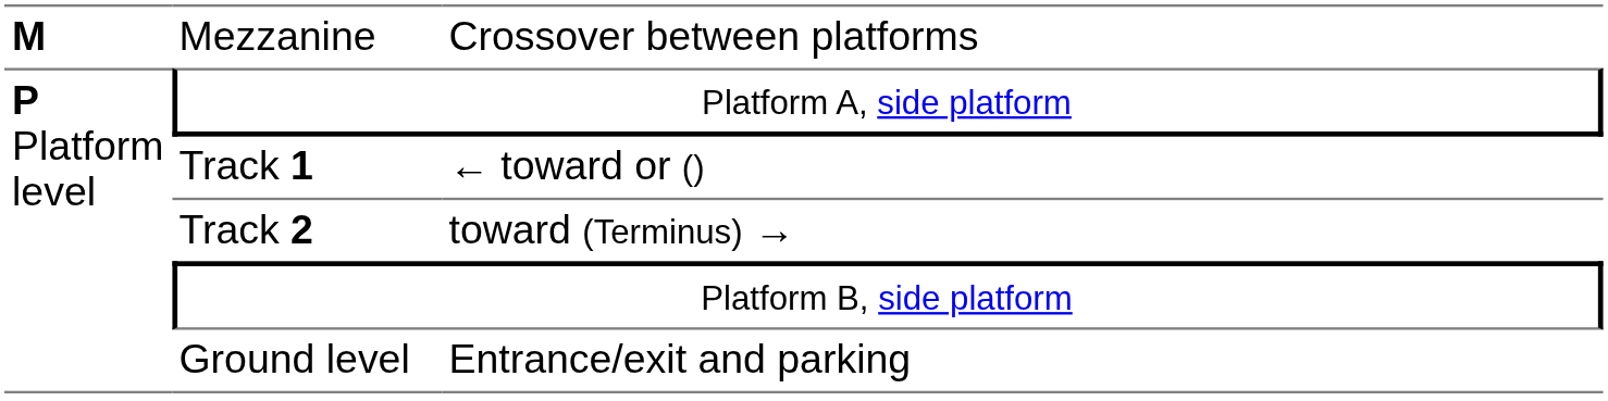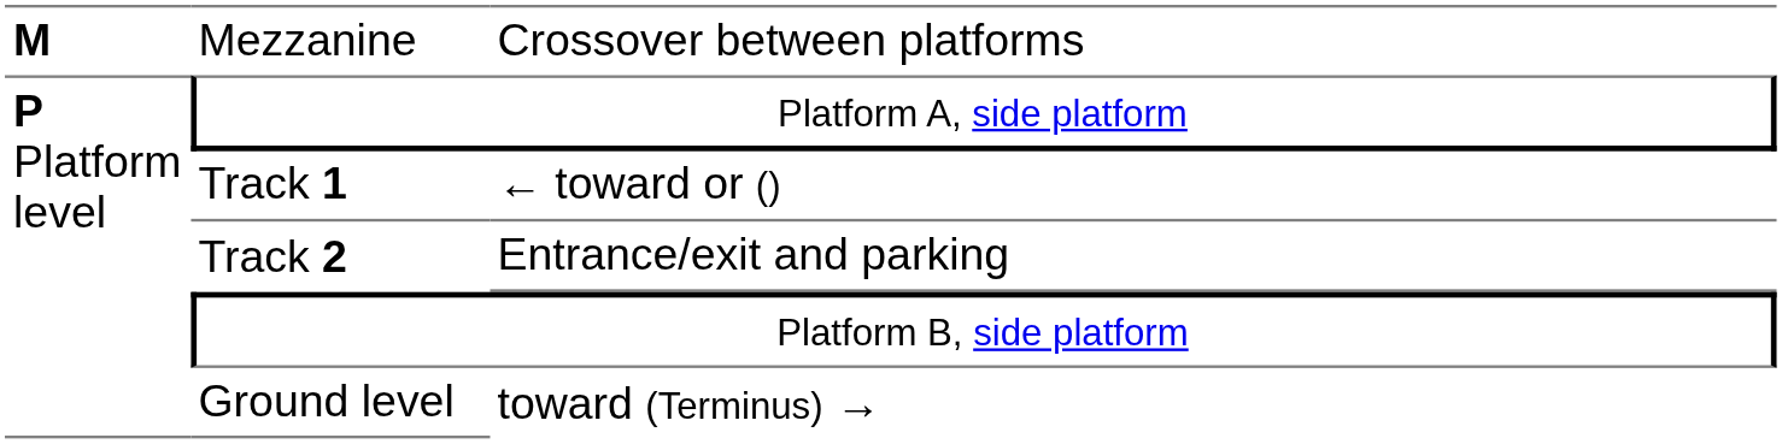 <table border=0 cellspacing=0 cellpadding=3>
 <tr>
 <td style="border-top:solid 1px gray;" width=50><strong>M</strong></td>
 <td style="border-top:solid 1px gray;" width=100>Mezzanine</td>
 <td style="border-top:solid 1px gray;" width=450>Crossover between platforms</td>
 </tr>
 <tr>
 <td style="border-top:solid 1px gray;border-bottom:solid 1px gray;" rowspan=5 valign=top><strong>P</strong><br>Platform level</td>
 <td style="border-top:solid 1px gray;border-right:solid 2px black;border-left:solid 2px black;border-bottom:solid 2px black;text-align:center;" colspan=2><small>Platform A, <a href='#'>side platform</a></small> </td>
 </tr>
 <tr>
 <td style="border-bottom:solid 1px gray;">Track <strong>1</strong></td>
 <td style="border-bottom:solid 1px gray;">←  toward  or  <small>()</small></td>
 </tr>
 <tr>
 <td>Track <strong>2</strong></td>
-<td>  toward  <small>(Terminus)</small> →</td>
+<td style="border-bottom:solid 1px gray;">Entrance/exit and parking</td>
 </tr>
 <tr>
 <td style="border-bottom:solid 1px gray;border-top:solid 2px black;border-right:solid 2px black;border-left:solid 2px black;text-align:center;" colspan=2><small>Platform B, <a href='#'>side platform</a></small> </td>
 </tr>
 <tr>
 <td style="border-bottom:solid 1px gray;">Ground level</td>
-<td style="border-bottom:solid 1px gray;">Entrance/exit and parking</td>
+<td>  toward  <small>(Terminus)</small> →</td>
 </tr>
 </table>
